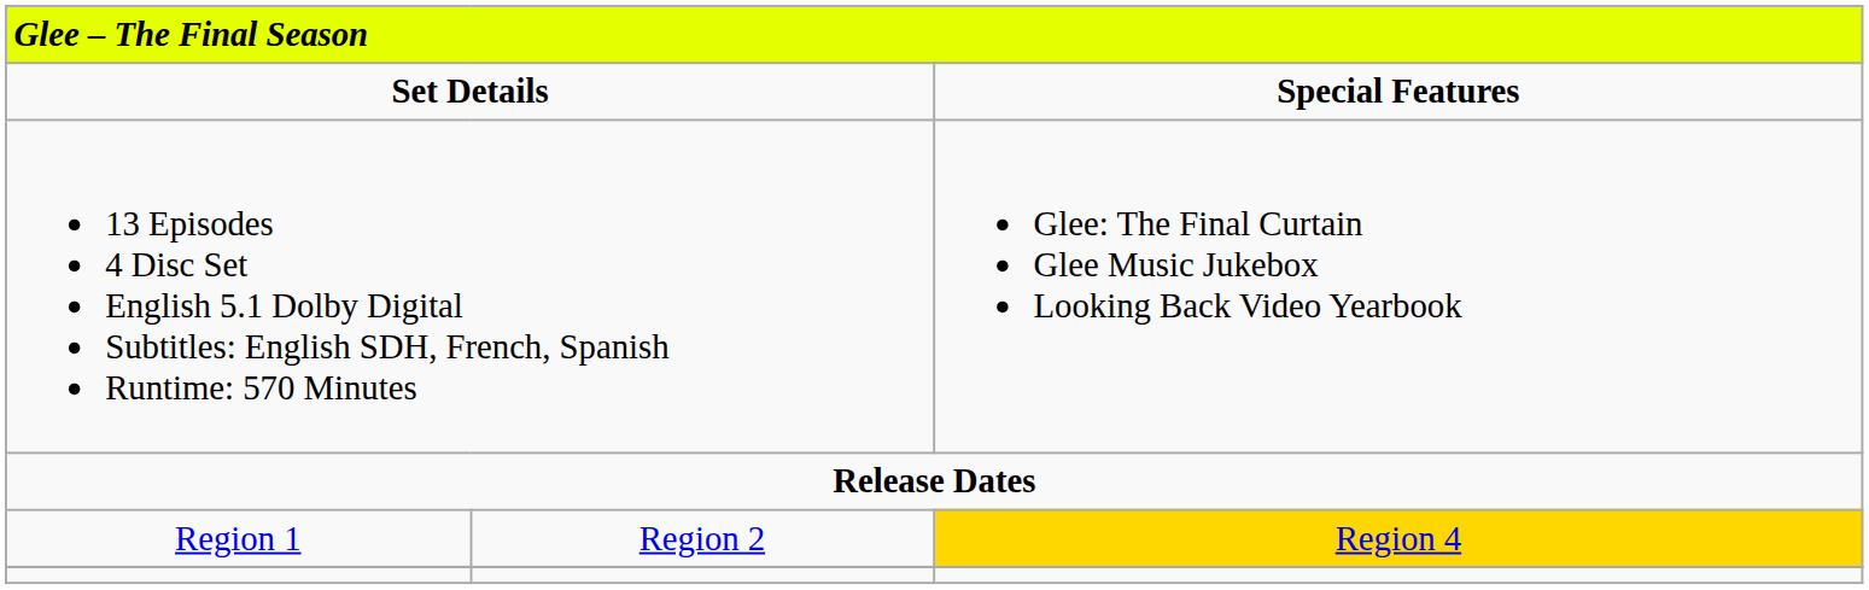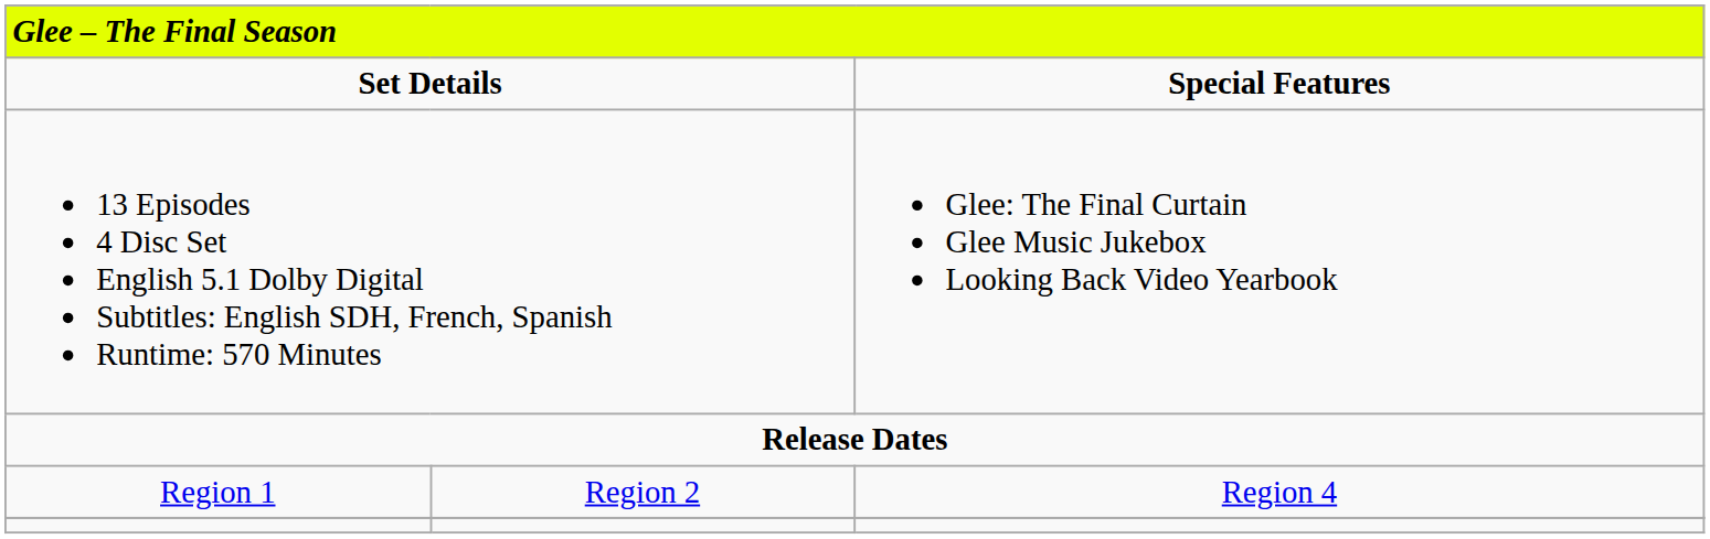 <table class="wikitable" style="font-size: 95%;">
 <tr style="background:#E3FF00;">
 <td colspan="3"><span> <strong><em>Glee – The Final Season</em></strong></span></td>
 </tr>
 <tr style="vertical-align:top; text-align:center;">
 <td style="width:400px;" colspan="2"><strong>Set Details</strong></td>
 <td style="width:400px; " colspan="2"><strong>Special Features</strong></td>
 </tr>
 <tr valign="top">
 <td colspan="2"  style="text-align:left; width:400px;"><br><ul><li>13 Episodes</li><li>4 Disc Set</li><li>English 5.1 Dolby Digital</li><li>Subtitles: English SDH, French, Spanish</li><li>Runtime: 570 Minutes</li></ul></td>
 <td colspan="3"  style="text-align:left; width:400px;"><br><ul><li>Glee: The Final Curtain</li><li>Glee Music Jukebox</li><li>Looking Back Video Yearbook</li></ul></td>
 </tr>
 <tr>
 <td colspan="3" style="text-align:center;"><strong>Release Dates</strong></td>
 </tr>
 <tr>
 <td style="text-align:center;"><a href='#'>Region 1</a></td>
 <td style="text-align:center;"><a href='#'>Region 2</a></td>
-<td style="background: gold; text-align:center;"><a href='#'>Region 4</a></td>
+<td style="text-align:center;"><a href='#'>Region 4</a></td>
 </tr>
 <tr style="text-align:center;">
 </tr>
 <tr style="text-align:center;">
 </tr>
 <tr>
 <td colspan="1"></td>
 <td colspan="1"></td>
 <td colspan="1"></td>
 </tr>
 </table>
